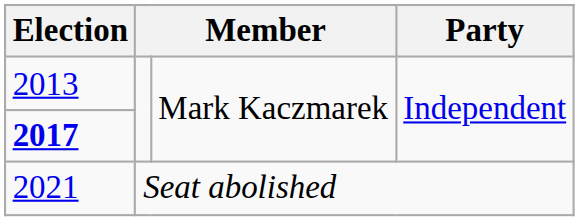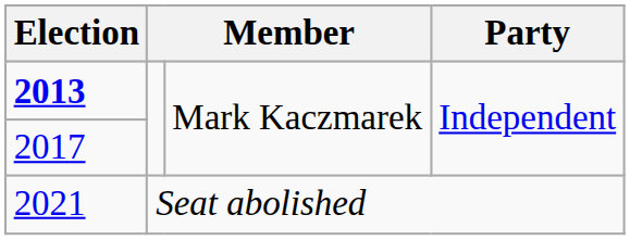 <table class="wikitable">
 <tr>
 <th>Election</th>
 <th colspan="2">Member</th>
 <th>Party</th>
 </tr>
 <tr>
-<td><a href='#'>2013</a></td>
+<td><strong><a href='#'>2013</a></strong></td>
 <td rowspan="2" style="background-color: "></td>
 <td rowspan="2">Mark Kaczmarek</td>
 <td rowspan="2"><a href='#'>Independent</a></td>
 </tr>
 <tr>
-<td><strong><a href='#'>2017</a></strong></td>
+<td><a href='#'>2017</a></td>
 </tr>
 <tr>
 <td><a href='#'>2021</a></td>
 <td colspan="3"><em>Seat abolished</em></td>
 </tr>
 </table>
